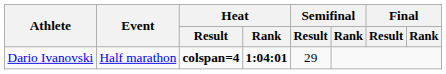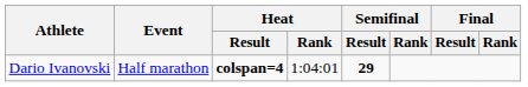 <table class=wikitable style=font-size:90%>
 <tr>
 <th rowspan=2>Athlete</th>
 <th rowspan=2>Event</th>
 <th colspan=2>Heat</th>
 <th colspan=2>Semifinal</th>
 <th colspan=2>Final</th>
 </tr>
 <tr style=font-size:95%>
 <th>Result</th>
 <th>Rank</th>
 <th>Result</th>
 <th>Rank</th>
 <th>Result</th>
 <th>Rank</th>
 </tr>
 <tr align=center>
 <td align=left><a href='#'>Dario Ivanovski</a></td>
 <td align=left><a href='#'>Half marathon</a></td>
 <td><strong>colspan=4</strong></td>
-<td><strong>1:04:01 </strong></td>
-<td>29</td>
+<td>1:04:01 </td>
+<td><strong>29</strong></td>
 </tr>
 </table>
